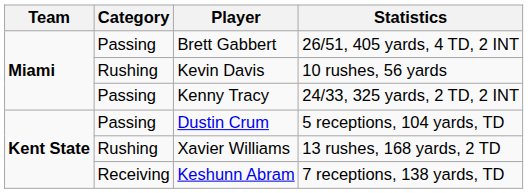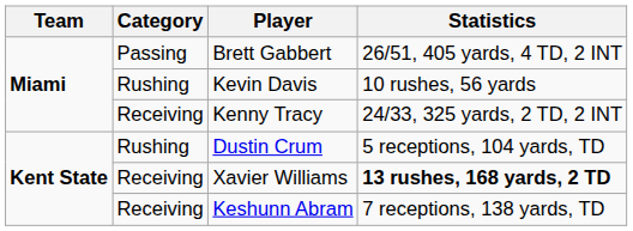 <table class="wikitable" style="float: left;">
 <tr>
 <th>Team</th>
 <th>Category</th>
 <th>Player</th>
 <th>Statistics</th>
 </tr>
 <tr>
 <td rowspan=3><strong>Miami</strong></td>
 <td>Passing</td>
 <td>Brett Gabbert</td>
 <td>26/51, 405 yards, 4 TD, 2 INT</td>
 </tr>
 <tr>
 <td>Rushing</td>
 <td>Kevin Davis</td>
 <td>10 rushes, 56 yards</td>
 </tr>
 <tr>
-<td>Passing</td>
+<td>Receiving</td>
 <td>Kenny Tracy</td>
 <td>24/33, 325 yards, 2 TD, 2 INT</td>
 </tr>
 <tr>
 <td rowspan=3><strong>Kent State</strong></td>
-<td>Passing</td>
+<td>Rushing</td>
 <td><a href='#'>Dustin Crum</a></td>
 <td>5 receptions, 104 yards, TD</td>
 </tr>
 <tr>
-<td>Rushing</td>
+<td>Receiving</td>
 <td>Xavier Williams</td>
-<td>13 rushes, 168 yards, 2 TD</td>
+<td><strong>13 rushes, 168 yards, 2 TD</strong></td>
 </tr>
 <tr>
 <td>Receiving</td>
 <td><a href='#'>Keshunn Abram</a></td>
 <td>7 receptions, 138 yards, TD</td>
 </tr>
 </table>
